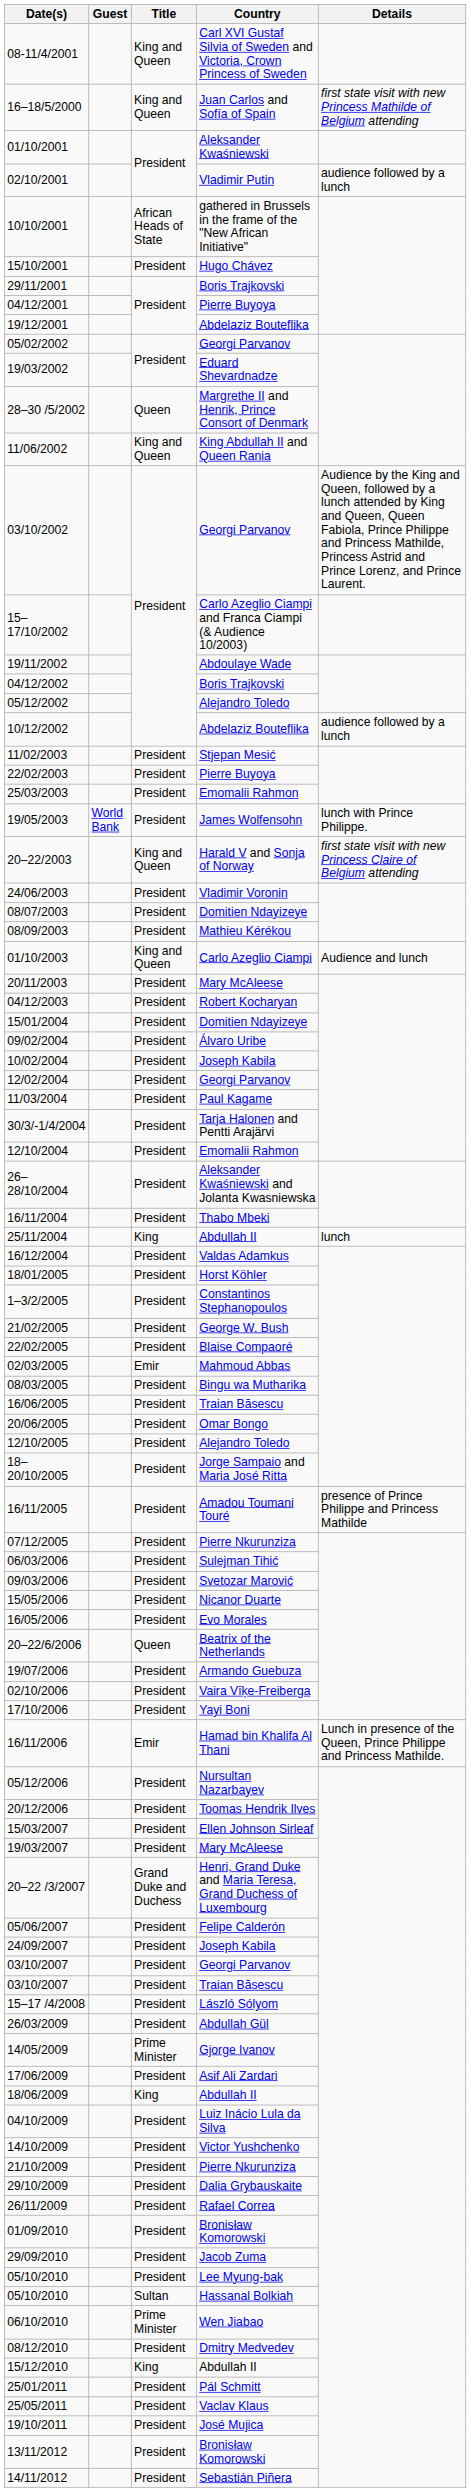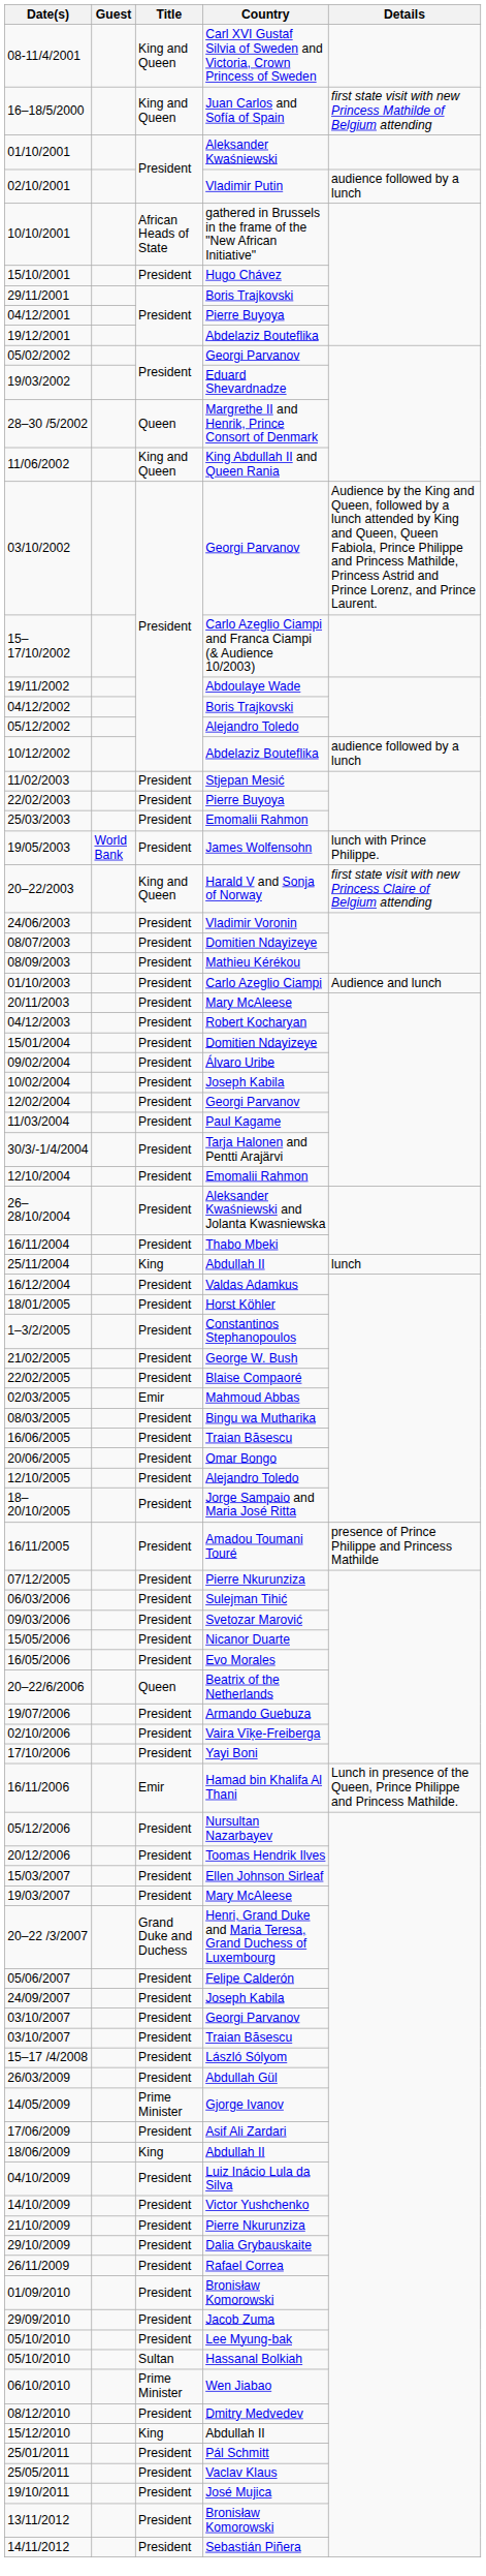 <table class="wikitable">
 <tr>
 <th>Date(s)</th>
 <th>Guest</th>
 <th>Title</th>
 <th>Country</th>
 <th>Details</th>
 </tr>
 <tr>
 <td>08-11/4/2001</td>
 <td></td>
 <td>King and Queen</td>
 <td><a href='#'>Carl XVI Gustaf</a>  <a href='#'>Silvia of Sweden</a> and <a href='#'>Victoria, Crown Princess of Sweden</a></td>
 </tr>
 <tr>
 <td>16–18/5/2000</td>
 <td></td>
 <td>King  and Queen</td>
 <td><a href='#'>Juan Carlos</a> and <a href='#'>Sofía of Spain</a></td>
 <td><em>first state visit with new <a href='#'>Princess Mathilde of Belgium</a> attending</em></td>
 </tr>
 <tr>
 <td>01/10/2001</td>
 <td></td>
 <td rowspan="2">President</td>
 <td><a href='#'>Aleksander Kwaśniewski</a></td>
 </tr>
 <tr>
 <td>02/10/2001</td>
 <td></td>
 <td><a href='#'>Vladimir Putin</a></td>
 <td>audience followed by a lunch</td>
 </tr>
 <tr>
 <td>10/10/2001</td>
 <td></td>
 <td>African Heads of State</td>
 <td>gathered in Brussels in the frame of the "New African Initiative"</td>
 </tr>
 <tr>
 <td>15/10/2001</td>
 <td></td>
 <td>President</td>
 <td><a href='#'>Hugo Chávez</a></td>
 </tr>
 <tr>
 <td>29/11/2001</td>
 <td></td>
 <td rowspan="3">President</td>
 <td><a href='#'>Boris Trajkovski</a></td>
 </tr>
 <tr>
 <td>04/12/2001</td>
 <td></td>
 <td><a href='#'>Pierre Buyoya</a></td>
 </tr>
 <tr>
 <td>19/12/2001</td>
 <td></td>
 <td><a href='#'>Abdelaziz Bouteflika</a></td>
 </tr>
 <tr>
 <td>05/02/2002</td>
 <td></td>
 <td rowspan="2">President</td>
 <td><a href='#'>Georgi Parvanov</a></td>
 <td rowspan="4"></td>
 </tr>
 <tr>
 <td>19/03/2002</td>
 <td></td>
 <td><a href='#'>Eduard Shevardnadze</a></td>
 </tr>
 <tr>
 <td>28–30 /5/2002</td>
 <td></td>
 <td>Queen</td>
 <td><a href='#'>Margrethe II</a> and <a href='#'>Henrik, Prince Consort of Denmark</a></td>
 </tr>
 <tr>
 <td>11/06/2002</td>
 <td></td>
 <td>King and Queen</td>
 <td><a href='#'>King Abdullah II</a> and <a href='#'>Queen Rania</a></td>
 </tr>
 <tr>
 <td>03/10/2002</td>
 <td></td>
 <td rowspan="6">President</td>
 <td><a href='#'>Georgi Parvanov</a></td>
 <td>Audience by the King and Queen, followed by a lunch attended by King and Queen, Queen Fabiola, Prince Philippe and Princess Mathilde, Princess Astrid and Prince Lorenz, and Prince Laurent.</td>
 </tr>
 <tr>
 <td>15–17/10/2002</td>
 <td></td>
 <td><a href='#'>Carlo Azeglio Ciampi</a> and Franca Ciampi (& Audience 10/2003)</td>
 </tr>
 <tr>
 <td>19/11/2002</td>
 <td></td>
 <td><a href='#'>Abdoulaye Wade</a></td>
 <td rowspan="3"></td>
 </tr>
 <tr>
 <td>04/12/2002</td>
 <td></td>
 <td><a href='#'>Boris Trajkovski</a></td>
 </tr>
 <tr>
 <td>05/12/2002</td>
 <td></td>
 <td><a href='#'>Alejandro Toledo</a></td>
 </tr>
 <tr>
 <td>10/12/2002</td>
 <td></td>
 <td><a href='#'>Abdelaziz Bouteflika</a></td>
 <td>audience followed by a lunch</td>
 </tr>
 <tr>
 <td>11/02/2003</td>
 <td></td>
 <td>President</td>
 <td><a href='#'>Stjepan Mesić</a></td>
 <td rowspan="3"></td>
 </tr>
 <tr>
 <td>22/02/2003</td>
 <td></td>
 <td>President</td>
 <td><a href='#'>Pierre Buyoya</a></td>
 </tr>
 <tr>
 <td>25/03/2003</td>
 <td></td>
 <td>President</td>
 <td><a href='#'>Emomalii Rahmon</a></td>
 </tr>
 <tr>
 <td>19/05/2003</td>
 <td><a href='#'>World Bank</a></td>
 <td>President</td>
 <td><a href='#'>James Wolfensohn</a></td>
 <td>lunch with Prince Philippe.</td>
 </tr>
 <tr>
 <td>20–22/2003</td>
 <td></td>
 <td>King and Queen</td>
 <td><a href='#'>Harald V</a> and <a href='#'>Sonja of Norway</a></td>
 <td><em>first state visit with new <a href='#'>Princess Claire of Belgium</a> attending</em></td>
 </tr>
 <tr>
 <td>24/06/2003</td>
 <td></td>
 <td>President</td>
 <td><a href='#'>Vladimir Voronin</a></td>
 <td rowspan="3"></td>
 </tr>
 <tr>
 <td>08/07/2003</td>
 <td></td>
 <td>President</td>
 <td><a href='#'>Domitien Ndayizeye</a></td>
 </tr>
 <tr>
 <td>08/09/2003</td>
 <td></td>
 <td>President</td>
 <td><a href='#'>Mathieu Kérékou</a></td>
 </tr>
 <tr>
 <td>01/10/2003</td>
 <td></td>
-<td>King and Queen</td>
+<td>President</td>
 <td><a href='#'>Carlo Azeglio Ciampi</a></td>
 <td>Audience and lunch</td>
 </tr>
 <tr>
 <td>20/11/2003</td>
 <td></td>
 <td>President</td>
 <td><a href='#'>Mary McAleese</a></td>
 <td rowspan="9"></td>
 </tr>
 <tr>
 <td>04/12/2003</td>
 <td></td>
 <td>President</td>
 <td><a href='#'>Robert Kocharyan</a></td>
 </tr>
 <tr>
 <td>15/01/2004</td>
 <td></td>
 <td>President</td>
 <td><a href='#'>Domitien Ndayizeye</a></td>
 </tr>
 <tr>
 <td>09/02/2004</td>
 <td></td>
 <td>President</td>
 <td><a href='#'>Álvaro Uribe</a></td>
 </tr>
 <tr>
 <td>10/02/2004</td>
 <td></td>
 <td>President</td>
 <td><a href='#'>Joseph Kabila</a></td>
 </tr>
 <tr>
 <td>12/02/2004</td>
 <td></td>
 <td>President</td>
 <td><a href='#'>Georgi Parvanov</a></td>
 </tr>
 <tr>
 <td>11/03/2004</td>
 <td></td>
 <td>President</td>
 <td><a href='#'>Paul Kagame</a></td>
 </tr>
 <tr>
 <td>30/3/-1/4/2004</td>
 <td></td>
 <td>President</td>
 <td><a href='#'>Tarja Halonen</a> and Pentti Arajärvi</td>
 </tr>
 <tr>
 <td>12/10/2004</td>
 <td></td>
 <td>President</td>
 <td><a href='#'>Emomalii Rahmon</a></td>
 </tr>
 <tr>
 <td>26–28/10/2004</td>
 <td></td>
 <td>President</td>
 <td><a href='#'>Aleksander Kwaśniewski</a> and Jolanta Kwasniewska</td>
 </tr>
 <tr>
 <td>16/11/2004</td>
 <td></td>
 <td>President</td>
 <td><a href='#'>Thabo Mbeki</a></td>
 </tr>
 <tr>
 <td>25/11/2004</td>
 <td></td>
 <td>King</td>
 <td><a href='#'>Abdullah II</a></td>
 <td>lunch</td>
 </tr>
 <tr>
 <td>16/12/2004</td>
 <td></td>
 <td>President</td>
 <td><a href='#'>Valdas Adamkus</a></td>
 </tr>
 <tr>
 <td>18/01/2005</td>
 <td></td>
 <td>President</td>
 <td><a href='#'>Horst Köhler</a></td>
 </tr>
 <tr>
 <td>1–3/2/2005</td>
 <td></td>
 <td>President</td>
 <td><a href='#'>Constantinos Stephanopoulos</a></td>
 </tr>
 <tr>
 <td>21/02/2005</td>
 <td></td>
 <td>President</td>
 <td><a href='#'>George W. Bush</a></td>
 </tr>
 <tr>
 <td>22/02/2005</td>
 <td></td>
 <td>President</td>
 <td><a href='#'>Blaise Compaoré</a></td>
 </tr>
 <tr>
 <td>02/03/2005</td>
 <td></td>
 <td>Emir</td>
 <td><a href='#'>Mahmoud Abbas</a></td>
 </tr>
 <tr>
 <td>08/03/2005</td>
 <td></td>
 <td>President</td>
 <td><a href='#'>Bingu wa Mutharika</a></td>
 </tr>
 <tr>
 <td>16/06/2005</td>
 <td></td>
 <td>President</td>
 <td><a href='#'>Traian Băsescu</a></td>
 </tr>
 <tr>
 <td>20/06/2005</td>
 <td></td>
 <td>President</td>
 <td><a href='#'>Omar Bongo</a></td>
 </tr>
 <tr>
 <td>12/10/2005</td>
 <td></td>
 <td>President</td>
 <td><a href='#'>Alejandro Toledo</a></td>
 </tr>
 <tr>
 <td>18–20/10/2005</td>
 <td></td>
 <td>President</td>
 <td><a href='#'>Jorge Sampaio</a> and <a href='#'>Maria José Ritta</a></td>
 </tr>
 <tr>
 <td>16/11/2005</td>
 <td></td>
 <td>President</td>
 <td><a href='#'>Amadou Toumani Touré</a></td>
 <td>presence of Prince Philippe and Princess Mathilde</td>
 </tr>
 <tr>
 <td>07/12/2005</td>
 <td></td>
 <td>President</td>
 <td><a href='#'>Pierre Nkurunziza</a></td>
 </tr>
 <tr>
 <td>06/03/2006</td>
 <td></td>
 <td>President</td>
 <td><a href='#'>Sulejman Tihić</a></td>
 </tr>
 <tr>
 <td>09/03/2006</td>
 <td></td>
 <td>President</td>
 <td><a href='#'>Svetozar Marović</a></td>
 </tr>
 <tr>
 <td>15/05/2006</td>
 <td></td>
 <td>President</td>
 <td><a href='#'>Nicanor Duarte</a></td>
 </tr>
 <tr>
 <td>16/05/2006</td>
 <td></td>
 <td>President</td>
 <td><a href='#'>Evo Morales</a></td>
 </tr>
 <tr>
 <td>20–22/6/2006</td>
 <td></td>
 <td>Queen</td>
 <td><a href='#'>Beatrix of the Netherlands</a></td>
 </tr>
 <tr>
 <td>19/07/2006</td>
 <td></td>
 <td>President</td>
 <td><a href='#'>Armando Guebuza</a></td>
 </tr>
 <tr>
 <td>02/10/2006</td>
 <td></td>
 <td>President</td>
 <td><a href='#'>Vaira Vīķe-Freiberga</a></td>
 </tr>
 <tr>
 <td>17/10/2006</td>
 <td></td>
 <td>President</td>
 <td><a href='#'>Yayi Boni</a></td>
 </tr>
 <tr>
 <td>16/11/2006</td>
 <td></td>
 <td>Emir</td>
 <td><a href='#'>Hamad bin Khalifa Al Thani</a></td>
 <td>Lunch in presence of the Queen, Prince Philippe and Princess Mathilde.</td>
 </tr>
 <tr>
 <td>05/12/2006</td>
 <td></td>
 <td>President</td>
 <td><a href='#'>Nursultan Nazarbayev</a></td>
 </tr>
 <tr>
 <td>20/12/2006</td>
 <td></td>
 <td>President</td>
 <td><a href='#'>Toomas Hendrik Ilves</a></td>
 </tr>
 <tr>
 <td>15/03/2007</td>
 <td></td>
 <td>President</td>
 <td><a href='#'>Ellen Johnson Sirleaf</a></td>
 </tr>
 <tr>
 <td>19/03/2007</td>
 <td></td>
 <td>President</td>
 <td><a href='#'>Mary McAleese</a></td>
 </tr>
 <tr>
 <td>20–22 /3/2007</td>
 <td></td>
 <td>Grand Duke and Duchess</td>
 <td><a href='#'>Henri, Grand Duke</a> and <a href='#'>Maria Teresa, Grand Duchess of Luxembourg</a></td>
 </tr>
 <tr>
 <td>05/06/2007</td>
 <td></td>
 <td>President</td>
 <td><a href='#'>Felipe Calderón</a></td>
 </tr>
 <tr>
 <td>24/09/2007</td>
 <td></td>
 <td>President</td>
 <td><a href='#'>Joseph Kabila</a></td>
 </tr>
 <tr>
 <td>03/10/2007</td>
 <td></td>
 <td>President</td>
 <td><a href='#'>Georgi Parvanov</a></td>
 </tr>
 <tr>
 <td>03/10/2007</td>
 <td></td>
 <td>President</td>
 <td><a href='#'>Traian Băsescu</a></td>
 </tr>
 <tr>
 <td>15–17 /4/2008</td>
 <td></td>
 <td>President</td>
 <td><a href='#'>László Sólyom</a></td>
 </tr>
 <tr>
 <td>26/03/2009</td>
 <td></td>
 <td>President</td>
 <td><a href='#'>Abdullah Gül</a></td>
 </tr>
 <tr>
 <td>14/05/2009</td>
 <td></td>
 <td>Prime Minister</td>
 <td><a href='#'>Gjorge Ivanov</a></td>
 </tr>
 <tr>
 <td>17/06/2009</td>
 <td></td>
 <td>President</td>
 <td><a href='#'>Asif Ali Zardari</a></td>
 </tr>
 <tr>
 <td>18/06/2009</td>
 <td></td>
 <td>King</td>
 <td><a href='#'>Abdullah II</a></td>
 </tr>
 <tr>
 <td>04/10/2009</td>
 <td></td>
 <td>President</td>
 <td><a href='#'>Luiz Inácio Lula da Silva</a></td>
 </tr>
 <tr>
 <td>14/10/2009</td>
 <td></td>
 <td>President</td>
 <td><a href='#'>Victor Yushchenko</a></td>
 </tr>
 <tr>
 <td>21/10/2009</td>
 <td></td>
 <td>President</td>
 <td><a href='#'>Pierre Nkurunziza</a></td>
 </tr>
 <tr>
 <td>29/10/2009</td>
 <td></td>
 <td>President</td>
 <td><a href='#'>Dalia Grybauskaite</a></td>
 </tr>
 <tr>
 <td>26/11/2009</td>
 <td></td>
 <td>President</td>
 <td><a href='#'>Rafael Correa</a></td>
 </tr>
 <tr>
 <td>01/09/2010</td>
 <td></td>
 <td>President</td>
 <td><a href='#'>Bronisław Komorowski</a></td>
 </tr>
 <tr>
 <td>29/09/2010</td>
 <td></td>
 <td>President</td>
 <td><a href='#'>Jacob Zuma</a></td>
 </tr>
 <tr>
 <td>05/10/2010</td>
 <td></td>
 <td>President</td>
 <td><a href='#'>Lee Myung-bak</a></td>
 </tr>
 <tr>
 <td>05/10/2010</td>
 <td></td>
 <td>Sultan</td>
 <td><a href='#'>Hassanal Bolkiah</a></td>
 </tr>
 <tr>
 <td>06/10/2010</td>
 <td></td>
 <td>Prime Minister</td>
 <td><a href='#'>Wen Jiabao</a></td>
 </tr>
 <tr>
 <td>08/12/2010</td>
 <td></td>
 <td>President</td>
 <td><a href='#'>Dmitry Medvedev</a></td>
 </tr>
 <tr>
 <td>15/12/2010</td>
 <td></td>
 <td>King</td>
 <td>Abdullah II</td>
 </tr>
 <tr>
 <td>25/01/2011</td>
 <td></td>
 <td>President</td>
 <td><a href='#'>Pál Schmitt</a></td>
 </tr>
 <tr>
 <td>25/05/2011</td>
 <td></td>
 <td>President</td>
 <td><a href='#'>Vaclav Klaus</a></td>
 </tr>
 <tr>
 <td>19/10/2011</td>
 <td></td>
 <td>President</td>
 <td><a href='#'>José Mujica</a></td>
 </tr>
 <tr>
 <td>13/11/2012</td>
 <td></td>
 <td>President</td>
 <td><a href='#'>Bronisław Komorowski</a></td>
 </tr>
 <tr>
 <td>14/11/2012</td>
 <td></td>
 <td>President</td>
 <td><a href='#'>Sebastián Piñera</a></td>
 </tr>
 </table>
